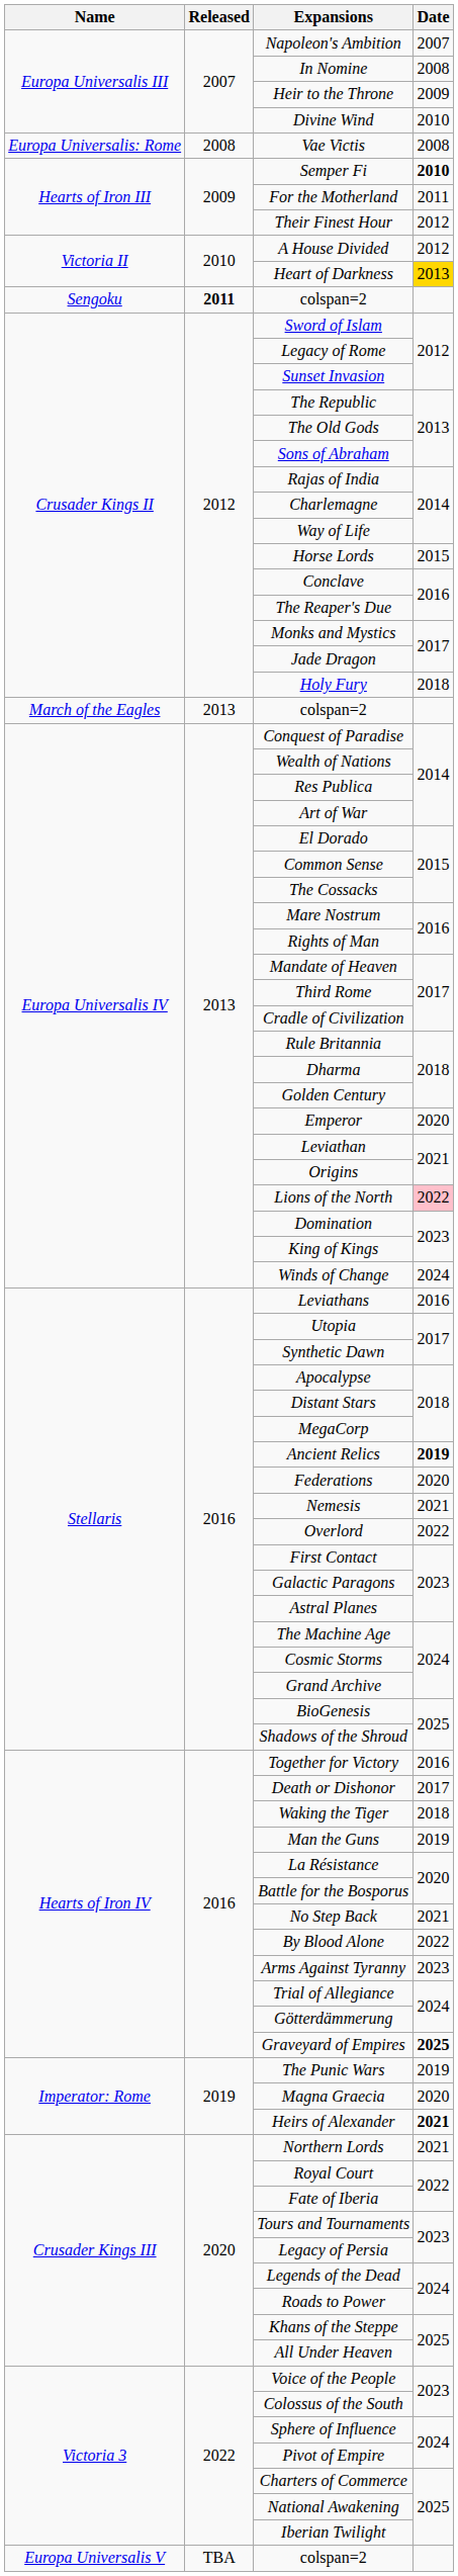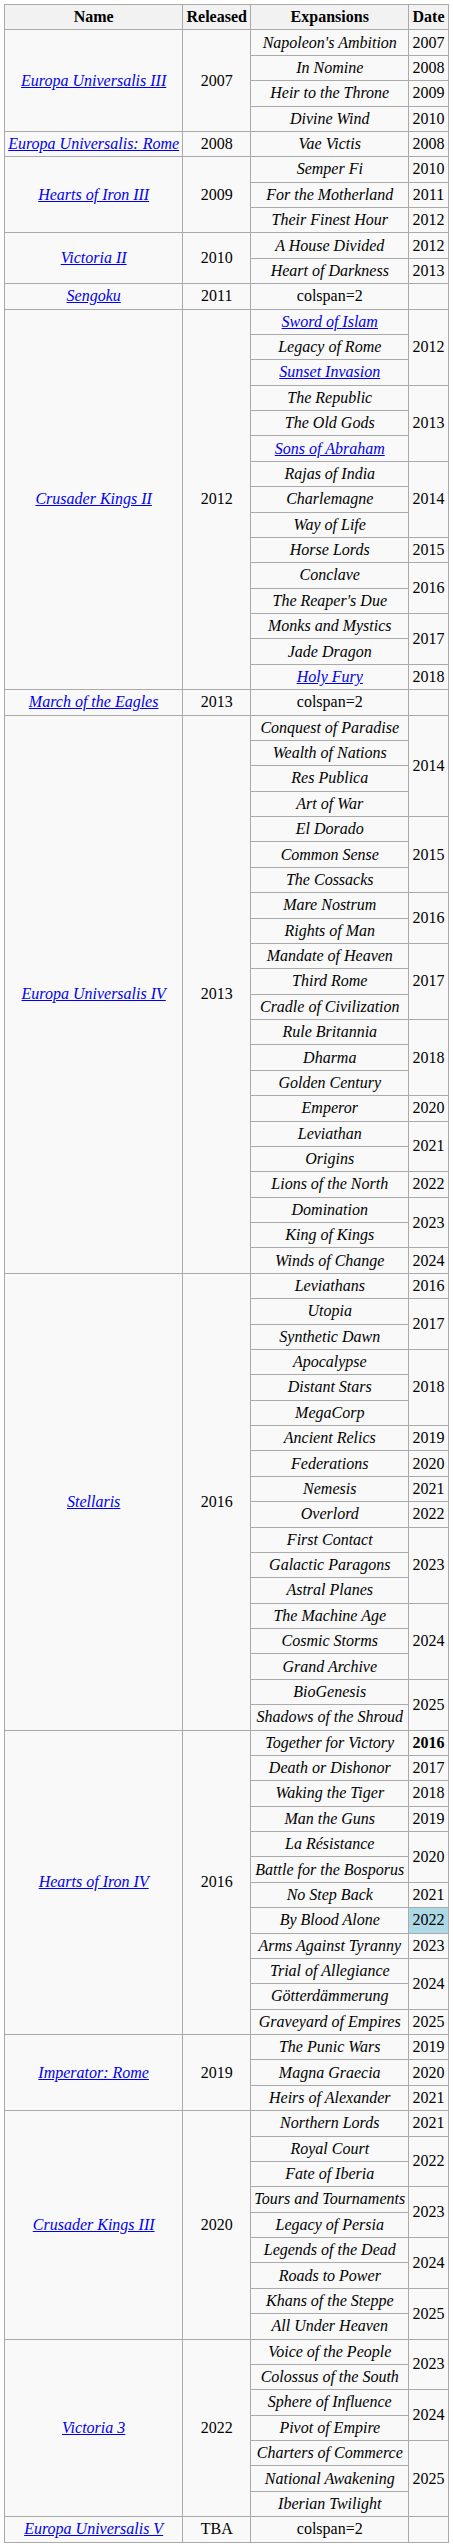 <table class="wikitable sortable" style="text-align:center;" width="auto">
 <tr>
 <th scope="col">Name</th>
 <th scope="col">Released</th>
 <th scope="col" class="unsortable">Expansions</th>
 <th scope="col">Date</th>
 </tr>
 <tr>
 <td rowspan="4"><em><a href='#'>Europa Universalis III</a></em></td>
 <td rowspan="4">2007</td>
 <td><em>Napoleon's Ambition</em></td>
 <td>2007</td>
 </tr>
 <tr>
 <td><em>In Nomine</em></td>
 <td>2008</td>
 </tr>
 <tr>
 <td><em>Heir to the Throne</em></td>
 <td>2009</td>
 </tr>
 <tr>
 <td><em>Divine Wind</em></td>
 <td>2010</td>
 </tr>
 <tr>
 <td><em><a href='#'>Europa Universalis: Rome</a></em></td>
 <td>2008</td>
 <td><em>Vae Victis</em></td>
 <td>2008</td>
 </tr>
 <tr>
 <td rowspan="3"><em><a href='#'>Hearts of Iron III</a></em></td>
 <td rowspan="3">2009</td>
 <td><em>Semper Fi</em></td>
-<td><strong>2010</strong></td>
+<td>2010</td>
 </tr>
 <tr>
 <td><em>For the Motherland</em></td>
 <td>2011</td>
 </tr>
 <tr>
 <td><em>Their Finest Hour</em></td>
 <td>2012</td>
 </tr>
 <tr>
 <td rowspan="2"><em><a href='#'>Victoria II</a></em></td>
 <td rowspan="2">2010</td>
 <td><em>A House Divided</em></td>
 <td>2012</td>
 </tr>
 <tr>
 <td><em>Heart of Darkness</em></td>
-<td style="background: gold;">2013</td>
+<td>2013</td>
 </tr>
 <tr>
 <td><em><a href='#'>Sengoku</a></em></td>
-<td><strong>2011</strong></td>
+<td>2011</td>
 <td>colspan=2</td>
 </tr>
 <tr>
 <td rowspan="15"><em><a href='#'>Crusader Kings II</a></em></td>
 <td rowspan="15">2012</td>
 <td><em><a href='#'>Sword of Islam</a></em></td>
 <td rowspan="3">2012</td>
 </tr>
 <tr>
 <td><em>Legacy of Rome</em></td>
 </tr>
 <tr>
 <td><em><a href='#'>Sunset Invasion</a></em></td>
 </tr>
 <tr>
 <td><em>The Republic</em></td>
 <td rowspan="3">2013</td>
 </tr>
 <tr>
 <td><em>The Old Gods</em></td>
 </tr>
 <tr>
 <td><em><a href='#'>Sons of Abraham</a></em></td>
 </tr>
 <tr>
 <td><em>Rajas of India</em></td>
 <td rowspan="3">2014</td>
 </tr>
 <tr>
 <td><em>Charlemagne</em></td>
 </tr>
 <tr>
 <td><em>Way of Life</em></td>
 </tr>
 <tr>
 <td><em>Horse Lords</em></td>
 <td>2015</td>
 </tr>
 <tr>
 <td><em>Conclave</em></td>
 <td rowspan="2">2016</td>
 </tr>
 <tr>
 <td><em>The Reaper's Due</em></td>
 </tr>
 <tr>
 <td><em>Monks and Mystics</em></td>
 <td rowspan="2">2017</td>
 </tr>
 <tr>
 <td><em>Jade Dragon</em></td>
 </tr>
 <tr>
 <td><em><a href='#'>Holy Fury</a></em></td>
 <td>2018</td>
 </tr>
 <tr>
 <td><em><a href='#'>March of the Eagles</a></em></td>
 <td>2013</td>
 <td>colspan=2</td>
 </tr>
 <tr>
 <td rowspan="22"><em><a href='#'>Europa Universalis IV</a></em></td>
 <td rowspan="22">2013</td>
 <td><em>Conquest of Paradise</em></td>
 <td rowspan="4">2014</td>
 </tr>
 <tr>
 <td><em>Wealth of Nations</em></td>
 </tr>
 <tr>
 <td><em>Res Publica</em></td>
 </tr>
 <tr>
 <td><em>Art of War</em></td>
 </tr>
 <tr>
 <td><em>El Dorado</em></td>
 <td rowspan="3">2015</td>
 </tr>
 <tr>
 <td><em>Common Sense</em></td>
 </tr>
 <tr>
 <td><em>The Cossacks</em></td>
 </tr>
 <tr>
 <td><em>Mare Nostrum</em></td>
 <td rowspan="2">2016</td>
 </tr>
 <tr>
 <td><em>Rights of Man</em></td>
 </tr>
 <tr>
 <td><em>Mandate of Heaven</em></td>
 <td rowspan="3">2017</td>
 </tr>
 <tr>
 <td><em>Third Rome</em></td>
 </tr>
 <tr>
 <td><em>Cradle of Civilization</em></td>
 </tr>
 <tr>
 <td><em>Rule Britannia</em></td>
 <td rowspan="3">2018</td>
 </tr>
 <tr>
 <td><em>Dharma</em></td>
 </tr>
 <tr>
 <td><em>Golden Century</em></td>
 </tr>
 <tr>
 <td><em>Emperor</em></td>
 <td rowspan="1">2020</td>
 </tr>
 <tr>
 <td><em>Leviathan</em></td>
 <td rowspan="2">2021</td>
 </tr>
 <tr>
 <td><em>Origins</em></td>
 </tr>
 <tr>
 <td><em>Lions of the North</em></td>
-<td rowspan="1" style="background: pink;">2022</td>
+<td rowspan="1">2022</td>
 </tr>
 <tr>
 <td><em>Domination</em></td>
 <td rowspan="2">2023</td>
 </tr>
 <tr>
 <td><em>King of Kings</em></td>
 </tr>
 <tr>
 <td><em>Winds of Change</em></td>
 <td rowspan="1">2024</td>
 </tr>
 <tr>
 <td rowspan="18"><em><a href='#'>Stellaris</a></em></td>
 <td rowspan="18">2016</td>
 <td><em>Leviathans</em></td>
 <td>2016</td>
 </tr>
 <tr>
 <td><em>Utopia</em></td>
 <td rowspan="2">2017</td>
 </tr>
 <tr>
 <td><em>Synthetic Dawn</em></td>
 </tr>
 <tr>
 <td><em>Apocalypse</em></td>
 <td rowspan="3">2018</td>
 </tr>
 <tr>
 <td><em>Distant Stars</em></td>
 </tr>
 <tr>
 <td><em>MegaCorp</em></td>
 </tr>
 <tr>
 <td><em>Ancient Relics</em></td>
-<td><strong>2019</strong></td>
+<td>2019</td>
 </tr>
 <tr>
 <td><em>Federations</em></td>
 <td>2020</td>
 </tr>
 <tr>
 <td><em>Nemesis</em></td>
 <td>2021</td>
 </tr>
 <tr>
 <td><em>Overlord</em></td>
 <td>2022</td>
 </tr>
 <tr>
 <td><em>First Contact</em></td>
 <td rowspan="3">2023</td>
 </tr>
 <tr>
 <td><em>Galactic Paragons</em></td>
 </tr>
 <tr>
 <td><em>Astral Planes</em></td>
 </tr>
 <tr>
 <td><em>The Machine Age</em></td>
 <td rowspan="3">2024</td>
 </tr>
 <tr>
 <td><em>Cosmic Storms</em></td>
 </tr>
 <tr>
 <td><em>Grand Archive</em></td>
 </tr>
 <tr>
 <td><em>BioGenesis</em></td>
 <td rowspan="2">2025</td>
 </tr>
 <tr>
 <td><em>Shadows of the Shroud</em></td>
 </tr>
 <tr>
 <td rowspan="12"><em><a href='#'>Hearts of Iron IV</a></em></td>
 <td rowspan="12">2016</td>
 <td><em>Together for Victory</em></td>
-<td>2016</td>
+<td><strong>2016</strong></td>
 </tr>
 <tr>
 <td><em>Death or Dishonor</em></td>
 <td>2017</td>
 </tr>
 <tr>
 <td><em>Waking the Tiger</em></td>
 <td>2018</td>
 </tr>
 <tr>
 <td><em>Man the Guns</em></td>
 <td>2019</td>
 </tr>
 <tr>
 <td><em>La Résistance</em></td>
 <td rowspan="2">2020</td>
 </tr>
 <tr>
 <td><em>Battle for the Bosporus</em></td>
 </tr>
 <tr>
 <td><em>No Step Back</em></td>
 <td>2021</td>
 </tr>
 <tr>
 <td><em>By Blood Alone</em></td>
-<td>2022</td>
+<td style="background: lightblue;">2022</td>
 </tr>
 <tr>
 <td><em>Arms Against Tyranny</em></td>
 <td>2023</td>
 </tr>
 <tr>
 <td><em>Trial of Allegiance</em></td>
 <td rowspan="2">2024</td>
 </tr>
 <tr>
 <td><em>Götterdämmerung</em></td>
 </tr>
 <tr>
 <td><em>Graveyard of Empires</em></td>
-<td><strong>2025</strong></td>
+<td>2025</td>
 </tr>
 <tr>
 <td rowspan="3"><em><a href='#'>Imperator: Rome</a></em></td>
 <td rowspan="3">2019</td>
 <td><em>The Punic Wars</em></td>
 <td>2019</td>
 </tr>
 <tr>
 <td><em>Magna Graecia</em></td>
 <td>2020</td>
 </tr>
 <tr>
 <td><em>Heirs of Alexander</em></td>
-<td><strong>2021</strong></td>
+<td>2021</td>
 </tr>
 <tr>
 <td rowspan="9"><em><a href='#'>Crusader Kings III</a></em></td>
 <td rowspan="9">2020</td>
 <td><em>Northern Lords</em></td>
 <td>2021</td>
 </tr>
 <tr>
 <td><em>Royal Court</em></td>
 <td rowspan="2">2022</td>
 </tr>
 <tr>
 <td><em>Fate of Iberia</em></td>
 </tr>
 <tr>
 <td><em>Tours and Tournaments</em></td>
 <td rowspan="2">2023</td>
 </tr>
 <tr>
 <td><em>Legacy of Persia</em></td>
 </tr>
 <tr>
 <td><em>Legends of the Dead</em></td>
 <td rowspan="2">2024</td>
 </tr>
 <tr>
 <td><em>Roads to Power</em></td>
 </tr>
 <tr>
 <td><em>Khans of the Steppe</em></td>
 <td rowspan="2">2025</td>
 </tr>
 <tr>
 <td><em>All Under Heaven</em></td>
 </tr>
 <tr>
 <td rowspan="7"><em><a href='#'>Victoria 3</a></em></td>
 <td rowspan="7">2022</td>
 <td><em>Voice of the People</em></td>
 <td rowspan="2">2023</td>
 </tr>
 <tr>
 <td><em>Colossus of the South</em></td>
 </tr>
 <tr>
 <td><em>Sphere of Influence</em></td>
 <td rowspan="2">2024</td>
 </tr>
 <tr>
 <td><em>Pivot of Empire</em></td>
 </tr>
 <tr>
 <td><em>Charters of Commerce</em></td>
 <td rowspan="3">2025</td>
 </tr>
 <tr>
 <td><em>National Awakening</em></td>
 </tr>
 <tr>
 <td><em>Iberian Twilight</em></td>
 </tr>
 <tr>
 <td><em><a href='#'>Europa Universalis V</a></em></td>
 <td>TBA</td>
 <td>colspan=2</td>
 </tr>
 </table>
